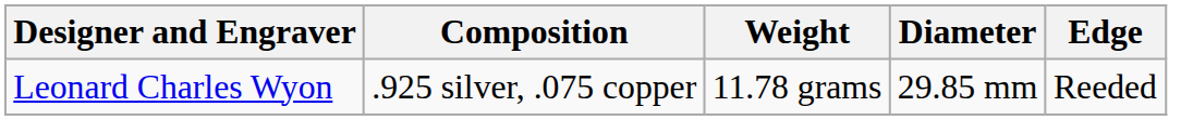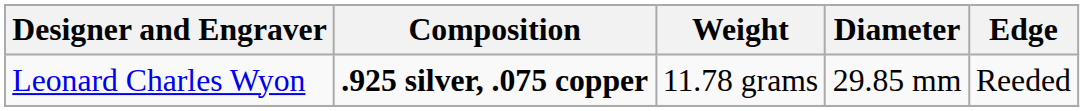 <table class="wikitable">
 <tr>
 <th>Designer and Engraver</th>
 <th>Composition</th>
 <th>Weight</th>
 <th>Diameter</th>
 <th>Edge</th>
 </tr>
 <tr>
 <td><a href='#'>Leonard Charles Wyon</a></td>
-<td>.925 silver, .075 copper</td>
+<td><strong>.925 silver, .075 copper</strong></td>
 <td>11.78 grams</td>
 <td>29.85 mm</td>
 <td>Reeded</td>
 </tr>
 <tr>
 </tr>
 </table>
